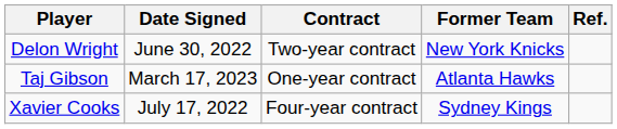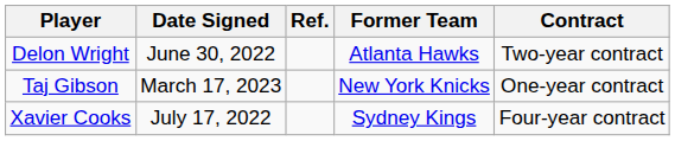 <table class="wikitable sortable sortable" style="text-align: center">
 <tr>
 <th>Player</th>
 <th>Date Signed</th>
+<th>Ref.</th>
+<th>Former Team</th>
 <th>Contract</th>
-<th>Former Team</th>
-<th>Ref.</th>
 </tr>
 <tr>
 <td><a href='#'>Delon Wright</a></td>
 <td>June 30, 2022</td>
+<td></td>
+<td><a href='#'>Atlanta Hawks</a></td>
 <td>Two-year contract</td>
-<td><a href='#'>New York Knicks</a></td>
-<td></td>
 </tr>
 <tr>
 <td><a href='#'>Taj Gibson</a></td>
 <td>March 17, 2023</td>
+<td></td>
+<td><a href='#'>New York Knicks</a></td>
 <td>One-year contract</td>
-<td><a href='#'>Atlanta Hawks</a></td>
-<td></td>
 </tr>
 <tr>
 <td><a href='#'>Xavier Cooks</a></td>
 <td>July 17, 2022</td>
+<td></td>
+<td><a href='#'>Sydney Kings</a></td>
 <td>Four-year contract</td>
-<td><a href='#'>Sydney Kings</a></td>
-<td></td>
 </tr>
 </table>
